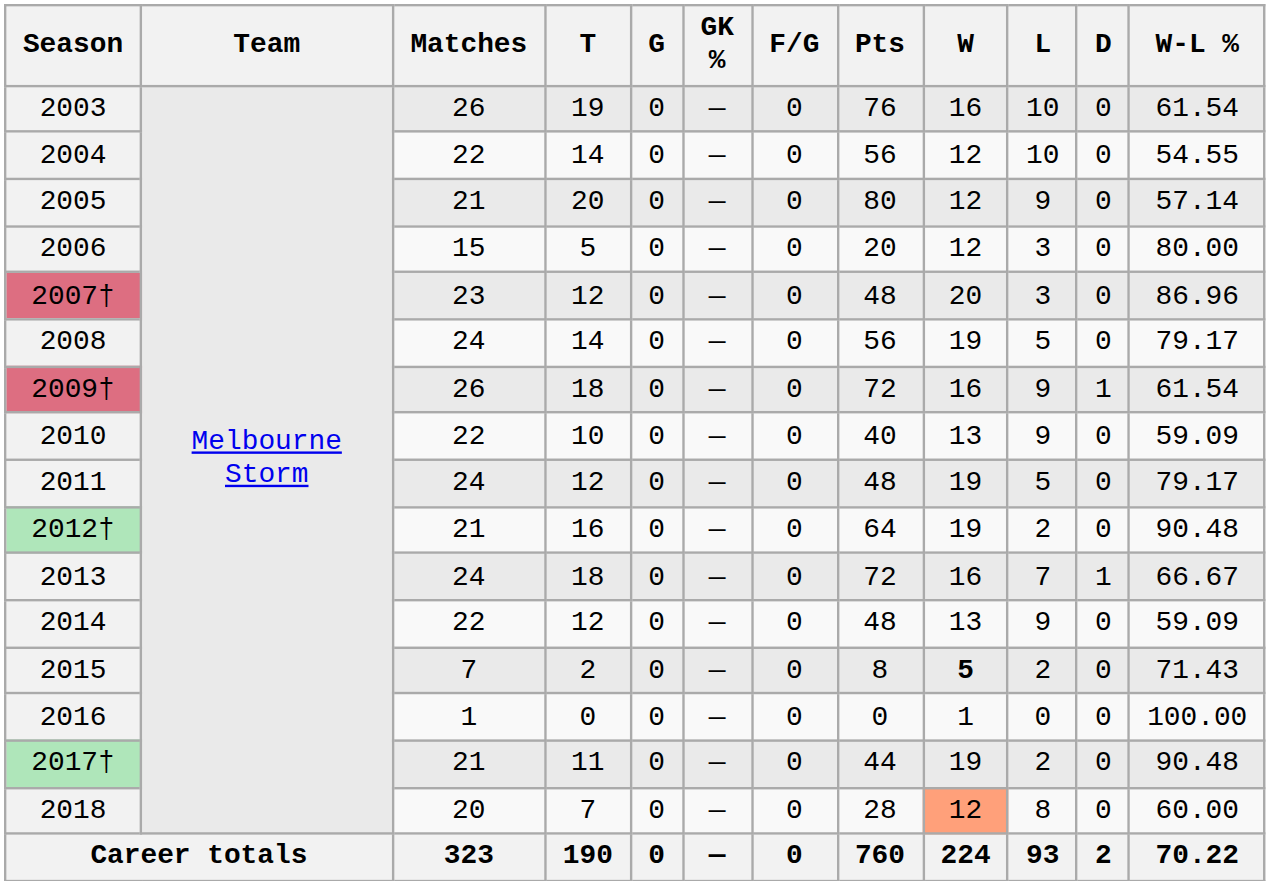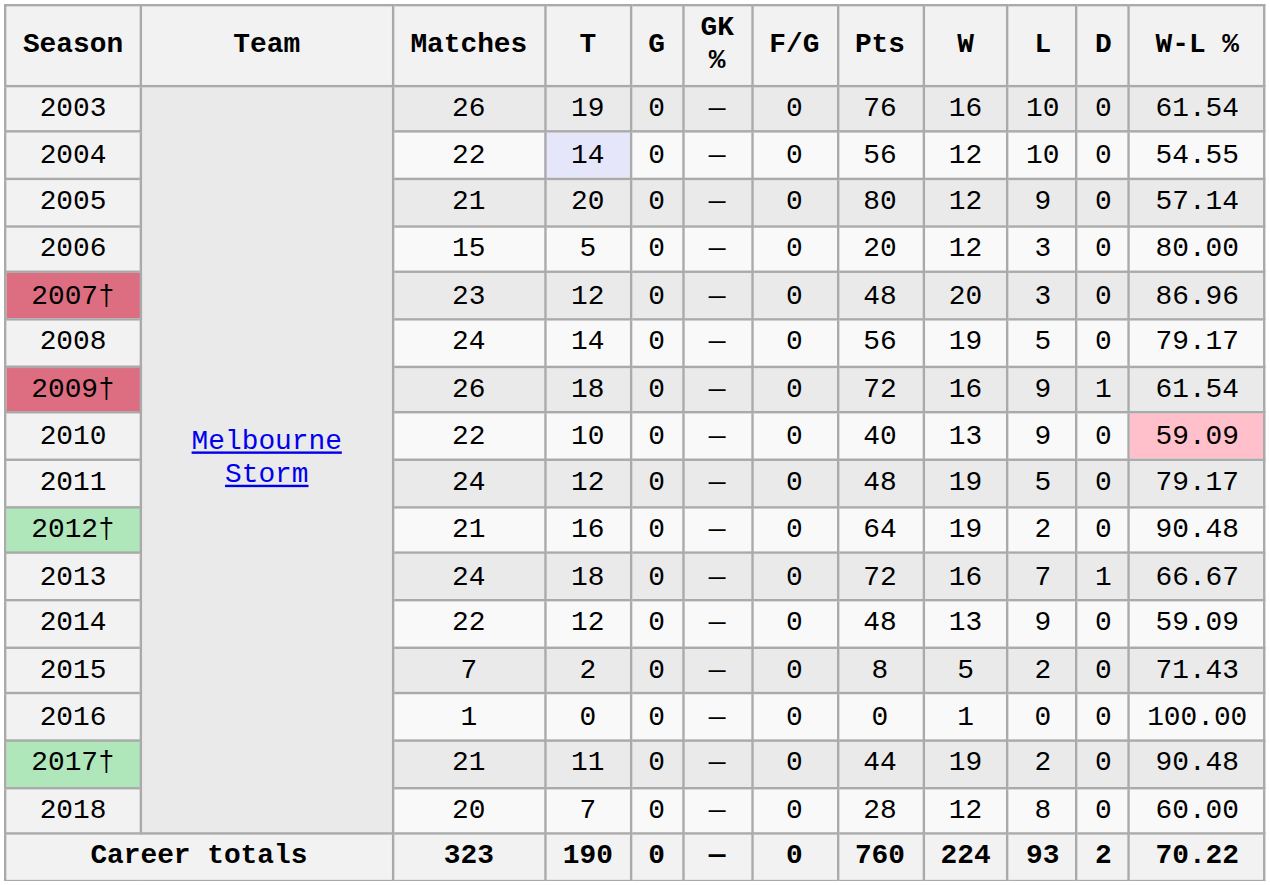 <table class="wikitable sortable"  style="font-size:90%; text-align:center; width:85%;">
 <tr>
 <th width=2%>Season</th>
 <th width=8%>Team</th>
 <th width=2%>Matches</th>
 <th width=2%>T</th>
 <th width=2%>G</th>
 <th width=2%>GK %</th>
 <th width=2%>F/G</th>
 <th width=2%>Pts</th>
 <th width=2%>W</th>
 <th width=2%>L</th>
 <th width=2%>D</th>
 <th width=2%>W-L %</th>
 </tr>
 <tr style="background:#eaeaea;">
 <th scope="row" style="text-align:center; font-weight:normal">2003</th>
 <td rowspan="16" style="text-align:center;"> <a href='#'>Melbourne Storm</a></td>
 <td>26</td>
 <td>19</td>
 <td>0</td>
 <td>—</td>
 <td>0</td>
 <td>76</td>
 <td>16</td>
 <td>10</td>
 <td>0</td>
 <td>61.54</td>
 </tr>
 <tr>
 <th scope="row" style="text-align:center; font-weight:normal">2004</th>
 <td>22</td>
-<td>14</td>
+<td style="background: lavender;">14</td>
 <td>0</td>
 <td>—</td>
 <td>0</td>
 <td>56</td>
 <td>12</td>
 <td>10</td>
 <td>0</td>
 <td>54.55</td>
 </tr>
 <tr style="background:#eaeaea;">
 <th scope="row" style="text-align:center; font-weight:normal">2005</th>
 <td>21</td>
 <td>20</td>
 <td>0</td>
 <td>—</td>
 <td>0</td>
 <td>80</td>
 <td>12</td>
 <td>9</td>
 <td>0</td>
 <td>57.14</td>
 </tr>
 <tr>
 <th scope="row" style="text-align:center; font-weight:normal">2006</th>
 <td>15</td>
 <td>5</td>
 <td>0</td>
 <td>—</td>
 <td>0</td>
 <td>20</td>
 <td>12</td>
 <td>3</td>
 <td>0</td>
 <td>80.00</td>
 </tr>
 <tr style="background:#eaeaea;">
 <th scope="row" style="text-align:center;background:#DD6E81; font-weight:normal">2007†</th>
 <td>23</td>
 <td>12</td>
 <td>0</td>
 <td>—</td>
 <td>0</td>
 <td>48</td>
 <td>20</td>
 <td>3</td>
 <td>0</td>
 <td>86.96</td>
 </tr>
 <tr>
 <th scope="row" style="text-align:center; font-weight:normal">2008</th>
 <td>24</td>
 <td>14</td>
 <td>0</td>
 <td>—</td>
 <td>0</td>
 <td>56</td>
 <td>19</td>
 <td>5</td>
 <td>0</td>
 <td>79.17</td>
 </tr>
 <tr style="background:#eaeaea;">
 <th scope="row" style="text-align:center;background:#DD6E81; font-weight:normal">2009†</th>
 <td>26</td>
 <td>18</td>
 <td>0</td>
 <td>—</td>
 <td>0</td>
 <td>72</td>
 <td>16</td>
 <td>9</td>
 <td>1</td>
 <td>61.54</td>
 </tr>
 <tr>
 <th scope="row" style="text-align:center; font-weight:normal">2010</th>
 <td>22</td>
 <td>10</td>
 <td>0</td>
 <td>—</td>
 <td>0</td>
 <td>40</td>
 <td>13</td>
 <td>9</td>
 <td>0</td>
-<td>59.09</td>
+<td style="background: pink;">59.09</td>
 </tr>
 <tr style="background:#eaeaea;">
 <th scope="row" style="text-align:center; font-weight:normal">2011</th>
 <td>24</td>
 <td>12</td>
 <td>0</td>
 <td>—</td>
 <td>0</td>
 <td>48</td>
 <td>19</td>
 <td>5</td>
 <td>0</td>
 <td>79.17</td>
 </tr>
 <tr>
 <th scope="row" style="text-align:center;background:#afe6ba; font-weight:normal">2012†</th>
 <td>21</td>
 <td>16</td>
 <td>0</td>
 <td>—</td>
 <td>0</td>
 <td>64</td>
 <td>19</td>
 <td>2</td>
 <td>0</td>
 <td>90.48</td>
 </tr>
 <tr style="background:#eaeaea;">
 <th scope="row" style="text-align:center; font-weight:normal">2013</th>
 <td>24</td>
 <td>18</td>
 <td>0</td>
 <td>—</td>
 <td>0</td>
 <td>72</td>
 <td>16</td>
 <td>7</td>
 <td>1</td>
 <td>66.67</td>
 </tr>
 <tr>
 <th scope="row" style="text-align:center; font-weight:normal">2014</th>
 <td>22</td>
 <td>12</td>
 <td>0</td>
 <td>—</td>
 <td>0</td>
 <td>48</td>
 <td>13</td>
 <td>9</td>
 <td>0</td>
 <td>59.09</td>
 </tr>
 <tr style="background:#eaeaea;">
 <th scope="row" style="text-align:center; font-weight:normal">2015</th>
 <td>7</td>
 <td>2</td>
 <td>0</td>
 <td>—</td>
 <td>0</td>
 <td>8</td>
-<td><strong>5</strong></td>
+<td>5</td>
 <td>2</td>
 <td>0</td>
 <td>71.43</td>
 </tr>
 <tr>
 <th scope="row" style="text-align:center; font-weight:normal">2016</th>
 <td>1</td>
 <td>0</td>
 <td>0</td>
 <td>—</td>
 <td>0</td>
 <td>0</td>
 <td>1</td>
 <td>0</td>
 <td>0</td>
 <td>100.00</td>
 </tr>
 <tr style="background:#eaeaea;">
 <th scope="row" style="text-align:center;background:#afe6ba; font-weight:normal">2017†</th>
 <td>21</td>
 <td>11</td>
 <td>0</td>
 <td>—</td>
 <td>0</td>
 <td>44</td>
 <td>19</td>
 <td>2</td>
 <td>0</td>
 <td>90.48</td>
 </tr>
 <tr>
 <th scope="row" style="text-align:center; font-weight:normal">2018</th>
 <td>20</td>
 <td>7</td>
 <td>0</td>
 <td>—</td>
 <td>0</td>
 <td>28</td>
-<td style="background: lightsalmon;">12</td>
+<td>12</td>
 <td>8</td>
 <td>0</td>
 <td>60.00</td>
 </tr>
 <tr class="sortbottom">
 <th colspan="2">Career totals</th>
 <th>323</th>
 <th>190</th>
 <th>0</th>
 <th>—</th>
 <th>0</th>
 <th>760</th>
 <th>224</th>
 <th>93</th>
 <th>2</th>
 <th>70.22</th>
 </tr>
 </table>
